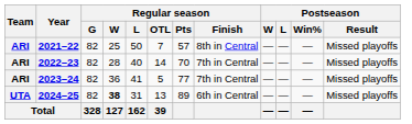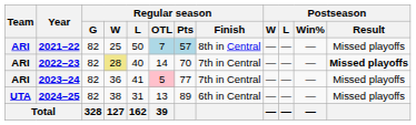 <table class="wikitable" style="font-size:95%; text-align:center;">
 <tr>
 <th rowspan="2">Team</th>
 <th rowspan="2">Year</th>
 <th colspan="6">Regular season</th>
 <th colspan="5">Postseason</th>
 </tr>
 <tr>
 <th>G</th>
 <th>W</th>
 <th>L</th>
 <th>OTL</th>
 <th>Pts</th>
 <th>Finish</th>
 <th>W</th>
 <th>L</th>
 <th>Win%</th>
 <th>Result</th>
 </tr>
 <tr>
 <th><a href='#'>ARI</a></th>
 <th><a href='#'>2021–22</a></th>
 <td>82</td>
 <td>25</td>
 <td>50</td>
-<td>7</td>
-<td>57</td>
+<td style="background: lightblue;">7</td>
+<td style="background: lightblue;">57</td>
 <td>8th in <a href='#'>Central</a></td>
 <td>—</td>
 <td>—</td>
 <td>—</td>
 <td>Missed playoffs</td>
 </tr>
 <tr>
 <th>ARI</th>
 <th><a href='#'>2022–23</a></th>
 <td>82</td>
-<td>28</td>
+<td style="background: khaki;">28</td>
 <td>40</td>
 <td>14</td>
 <td>70</td>
 <td>7th in Central</td>
 <td>—</td>
 <td>—</td>
 <td>—</td>
-<td>Missed playoffs</td>
+<td><strong>Missed playoffs</strong></td>
 </tr>
 <tr>
 <th>ARI</th>
 <th><a href='#'>2023–24</a></th>
 <td>82</td>
 <td>36</td>
 <td>41</td>
-<td>5</td>
+<td style="background: pink;">5</td>
 <td>77</td>
 <td>7th in Central</td>
 <td>—</td>
 <td>—</td>
 <td>—</td>
 <td>Missed playoffs</td>
 </tr>
 <tr>
 <th><a href='#'>UTA</a></th>
 <th><a href='#'>2024–25</a></th>
 <td>82</td>
-<td><strong>38</strong></td>
+<td>38</td>
 <td>31</td>
 <td>13</td>
 <td>89</td>
 <td>6th in Central</td>
 <td>—</td>
 <td>—</td>
 <td>—</td>
 <td>Missed playoffs</td>
 </tr>
 <tr>
 <th colspan="2">Total</th>
 <th>328</th>
 <th>127</th>
 <th>162</th>
 <th>39</th>
 <th> </th>
 <th> </th>
 <th>—</th>
 <th>—</th>
 <th>—</th>
 <th> </th>
 </tr>
 </table>
